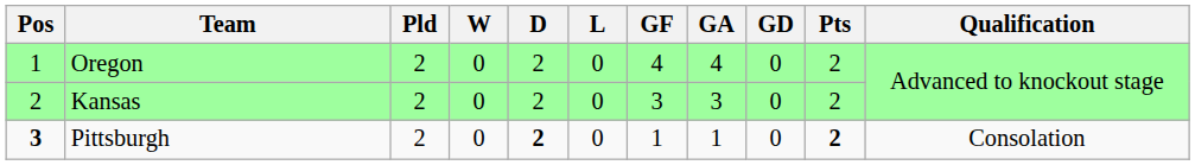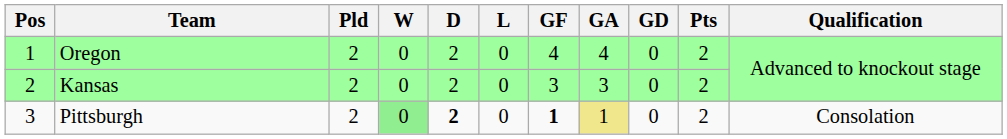 <table class="wikitable" style="text-align:center; margin: 1em auto">
 <tr>
 <th style="width:2em">Pos</th>
 <th style="width:13em">Team</th>
 <th style="width:2em">Pld</th>
 <th style="width:2em">W</th>
 <th style="width:2em">D</th>
 <th style="width:2em">L</th>
 <th style="width:2em">GF</th>
 <th style="width:2em">GA</th>
 <th style="width:2em">GD</th>
 <th style="width:2em">Pts</th>
 <th style="width:13em">Qualification</th>
 </tr>
 <tr bgcolor="#9eff9e">
 <td>1</td>
 <td style="text-align:left">Oregon</td>
 <td>2</td>
 <td>0</td>
 <td>2</td>
 <td>0</td>
 <td>4</td>
 <td>4</td>
 <td>0</td>
 <td>2</td>
 <td rowspan="2">Advanced to knockout stage</td>
 </tr>
 <tr bgcolor="#9eff9e">
 <td>2</td>
 <td style="text-align:left">Kansas</td>
 <td>2</td>
 <td>0</td>
 <td>2</td>
 <td>0</td>
 <td>3</td>
 <td>3</td>
 <td>0</td>
 <td>2</td>
 </tr>
 <tr>
-<td><strong>3</strong></td>
+<td>3</td>
 <td style="text-align:left">Pittsburgh</td>
 <td>2</td>
-<td>0</td>
+<td style="background: lightgreen;">0</td>
 <td><strong>2</strong></td>
 <td>0</td>
-<td>1</td>
-<td>1</td>
+<td><strong>1</strong></td>
+<td style="background: khaki;">1</td>
 <td>0</td>
-<td><strong>2</strong></td>
+<td>2</td>
 <td>Consolation</td>
 </tr>
 </table>
